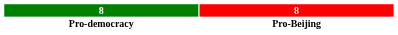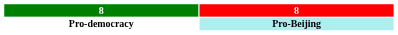 <table style="width:50%; text-align:center;">
 <tr style="color:white;">
 <td style="background:green; width:50%;"><strong>8</strong></td>
 <td style="background:red; width:50%;"><strong>8</strong></td>
 </tr>
 <tr>
 <td><span><strong>Pro-democracy</strong></span></td>
-<td><span><strong>Pro-Beijing</strong></span></td>
+<td style="background: paleturquoise;"><span><strong>Pro-Beijing</strong></span></td>
 </tr>
 </table>
